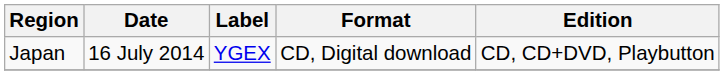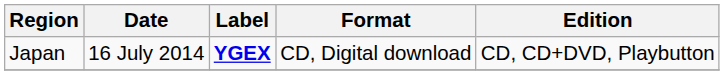 <table class="wikitable">
 <tr>
 <th>Region</th>
 <th>Date</th>
 <th>Label</th>
 <th>Format</th>
 <th>Edition</th>
 </tr>
 <tr>
 <td>Japan</td>
 <td>16 July 2014</td>
-<td><a href='#'>YGEX</a></td>
+<td><strong><a href='#'>YGEX</a></strong></td>
 <td>CD, Digital download</td>
 <td>CD, CD+DVD, Playbutton</td>
 </tr>
 <tr>
 </tr>
 </table>
